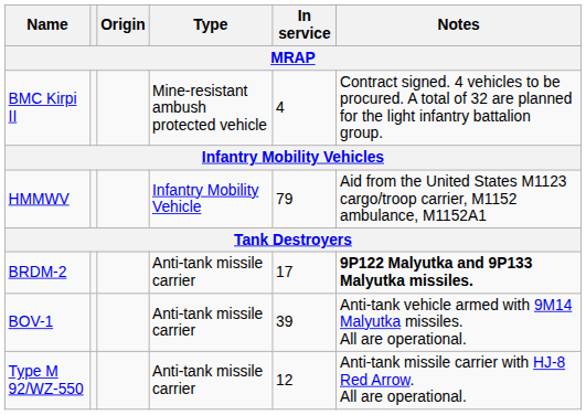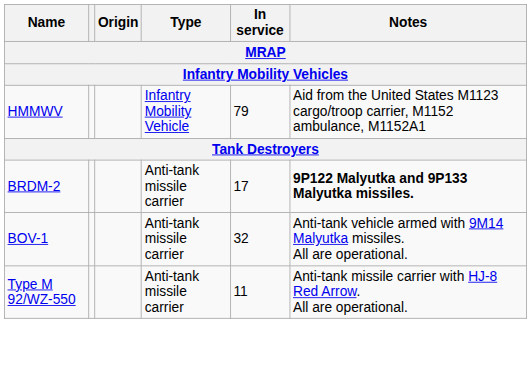 <table class="wikitable">
 <tr>
 <th style="text-align:center;">Name</th>
 <th></th>
 <th style="text-align: center;">Origin</th>
 <th style="text-align:l center;">Type</th>
 <th style="text-align:l center;">In service</th>
 <th style="text-align: center;">Notes</th>
 </tr>
 <tr>
 <th colspan="6"><a href='#'>MRAP</a></th>
-</tr>
-<tr>
-<td><a href='#'>BMC Kirpi II</a></td>
-<td></td>
-<td></td>
-<td>Mine-resistant ambush protected vehicle</td>
-<td>4</td>
-<td>Contract signed. 4 vehicles to be procured. A total of 32 are planned for the light infantry battalion group.</td>
 </tr>
 <tr>
 <th colspan="6" style="align: center;"><a href='#'>Infantry Mobility Vehicles</a></th>
 </tr>
 <tr>
 <td><a href='#'>HMMWV</a></td>
 <td></td>
 <td></td>
 <td><a href='#'>Infantry Mobility Vehicle</a></td>
 <td>79</td>
 <td>Aid from the United States M1123 cargo/troop carrier, M1152 ambulance, M1152A1</td>
 </tr>
 <tr>
 <th colspan="6" style="align: center;"><a href='#'>Tank Destroyers</a></th>
 </tr>
 <tr>
 <td><a href='#'>BRDM-2</a></td>
 <td></td>
 <td></td>
 <td>Anti-tank missile carrier</td>
 <td>17</td>
 <td><strong>9P122 Malyutka and 9P133 Malyutka missiles.</strong></td>
 </tr>
 <tr>
 <td><a href='#'>BOV-1</a></td>
 <td></td>
 <td></td>
 <td>Anti-tank missile carrier</td>
-<td>39</td>
+<td>32</td>
 <td>Anti-tank vehicle armed with <a href='#'>9M14 Malyutka</a> missiles.<br>All are operational.</td>
 </tr>
 <tr>
 <td><a href='#'>Type M 92/WZ-550</a></td>
 <td></td>
 <td></td>
 <td>Anti-tank missile carrier</td>
-<td>12</td>
+<td>11</td>
 <td>Anti-tank missile carrier with <a href='#'>HJ-8 Red Arrow</a>.<br>All are operational.</td>
 </tr>
 </table>
